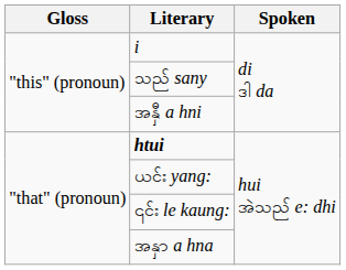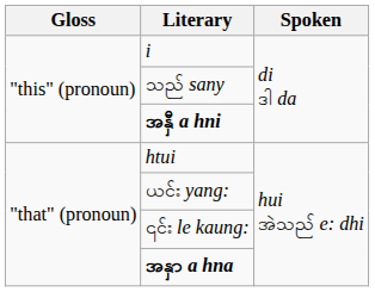 <table class="wikitable sortable">
 <tr>
 <th>Gloss</th>
 <th>Literary<br></th>
 <th>Spoken<br></th>
 </tr>
 <tr>
 <td rowspan="3">"this" (pronoun)</td>
 <td> <em>i</em></td>
 <td rowspan="3"> <em>di</em><br>ဒါ <em>da</em></td>
 </tr>
 <tr>
 <td>သည် <em>sany</em></td>
 </tr>
 <tr>
-<td>အနှီ <em>a hni</em></td>
+<td><strong>အနှီ <em>a hni</em></strong></td>
 </tr>
 <tr>
 <td rowspan="4">"that" (pronoun)</td>
-<td><strong> <em>htui</em></strong></td>
+<td> <em>htui</em></td>
 <td rowspan="4"> <em>hui</em><br>အဲသည် <em>e: dhi</em></td>
 </tr>
 <tr>
 <td>ယင်း <em>yang:</em></td>
 </tr>
 <tr>
 <td>၎င်း <em>le kaung:</em></td>
 </tr>
 <tr>
-<td>အနှာ <em>a hna</em></td>
+<td><strong>အနှာ <em>a hna</em></strong></td>
 </tr>
 </table>
